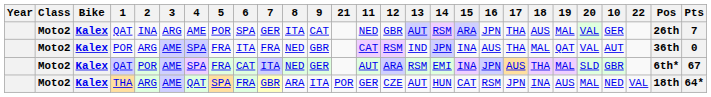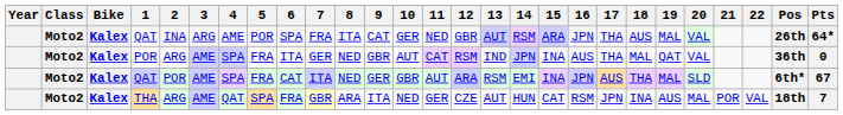 <table class="wikitable" style="text-align:center;">
 <tr>
 <th>Year</th>
 <th>Class</th>
 <th>Bike</th>
 <th>1</th>
 <th>2</th>
 <th>3</th>
 <th>4</th>
 <th>5</th>
 <th>6</th>
 <th>7</th>
 <th>8</th>
 <th>9</th>
-<th>21</th>
+<th>10</th>
 <th>11</th>
 <th>12</th>
 <th>13</th>
 <th>14</th>
 <th>15</th>
 <th>16</th>
 <th>17</th>
 <th>18</th>
 <th>19</th>
 <th>20</th>
-<th>10</th>
+<th>21</th>
 <th>22</th>
 <th>Pos</th>
 <th>Pts</th>
 </tr>
 <tr>
 <th></th>
 <th>Moto2</th>
 <th><a href='#'>Kalex</a></th>
 <td><a href='#'>QAT</a></td>
 <td><a href='#'>INA</a></td>
 <td><a href='#'>ARG</a></td>
 <td><a href='#'>AME</a></td>
 <td><a href='#'>POR</a></td>
 <td><a href='#'>SPA</a></td>
-<td><a href='#'>GER</a></td>
+<td><a href='#'>FRA</a></td>
 <td><a href='#'>ITA</a></td>
 <td><a href='#'>CAT</a></td>
-<td></td>
+<td><a href='#'>GER</a></td>
 <td><a href='#'>NED</a></td>
 <td><a href='#'>GBR</a></td>
 <td style="background:#CFCFFF;"><a href='#'>AUT</a><br></td>
 <td style="background:#EFCFFF;"><a href='#'>RSM</a><br></td>
 <td style="background:#CFCFFF;"><a href='#'>ARA</a><br></td>
 <td><a href='#'>JPN</a></td>
 <td><a href='#'>THA</a></td>
 <td><a href='#'>AUS</a></td>
 <td><a href='#'>MAL</a></td>
 <td style="background:#DFFFDF;"><a href='#'>VAL</a><br></td>
-<td><a href='#'>GER</a></td>
+<td></td>
 <td></td>
 <th>26th</th>
-<th>7</th>
+<th>64*</th>
 </tr>
 <tr>
 <th></th>
 <th>Moto2</th>
 <th><a href='#'>Kalex</a></th>
 <td><a href='#'>POR</a></td>
 <td><a href='#'>ARG</a></td>
 <td style="background:#CFCFFF;"><a href='#'>AME</a><br></td>
 <td style="background:#CFCFFF;"><a href='#'>SPA</a><br></td>
 <td><a href='#'>FRA</a></td>
 <td><a href='#'>ITA</a></td>
-<td><a href='#'>FRA</a></td>
+<td><a href='#'>GER</a></td>
 <td><a href='#'>NED</a></td>
 <td><a href='#'>GBR</a></td>
-<td></td>
+<td><a href='#'>AUT</a></td>
 <td style="background:#EFCFFF;"><a href='#'>CAT</a><br></td>
 <td style="background:#EFCFFF;"><a href='#'>RSM</a><br></td>
 <td><a href='#'>IND</a></td>
 <td style="background:#CFCFFF;"><a href='#'>JPN</a><br></td>
 <td><a href='#'>INA</a></td>
 <td><a href='#'>AUS</a></td>
 <td><a href='#'>THA</a></td>
 <td><a href='#'>MAL</a></td>
 <td><a href='#'>QAT</a></td>
 <td><a href='#'>VAL</a></td>
-<td><a href='#'>AUT</a></td>
+<td></td>
 <td></td>
 <th>36th</th>
 <th>0</th>
 </tr>
 <tr>
 <th></th>
 <th>Moto2</th>
 <th><a href='#'>Kalex</a></th>
 <td style="background:#CFCFFF;"><a href='#'>QAT</a><br></td>
 <td style="background:#DFFFDF;"><a href='#'>POR</a><br></td>
 <td style="background:#CFCFFF;"><a href='#'>AME</a><br></td>
 <td style="background:#EFCFFF;"><a href='#'>SPA</a><br></td>
 <td style="background:#DFFFDF;"><a href='#'>FRA</a><br></td>
 <td style="background:#DFFFDF;"><a href='#'>CAT</a><br></td>
 <td style="background:#CFCFFF;"><a href='#'>ITA</a><br></td>
 <td style="background:#DFFFDF;"><a href='#'>NED</a><br></td>
 <td style="background:#DFFFDF;"><a href='#'>GER</a><br></td>
-<td></td>
+<td style="background:#DFFFDF;"><a href='#'>GBR</a><br></td>
 <td style="background:#DFFFDF;"><a href='#'>AUT</a><br></td>
 <td style="background:#CFCFFF;"><a href='#'>ARA</a><br></td>
 <td style="background:#DFFFDF;"><a href='#'>RSM</a><br></td>
 <td style="background:#DFFFDF;"><a href='#'>EMI</a><br></td>
 <td style="background:#EFCFFF;"><a href='#'>INA</a><br></td>
 <td style="background:#CFCFFF;"><a href='#'>JPN</a><br></td>
 <td style="background:#FFDF9F;"><a href='#'>AUS</a><br></td>
 <td style="background:#EFCFFF;"><a href='#'>THA</a><br></td>
 <td style="background:#EFCFFF;"><a href='#'>MAL</a><br></td>
 <td style="background:#DFFFDF;"><a href='#'>SLD</a><br></td>
-<td style="background:#DFFFDF;"><a href='#'>GBR</a><br></td>
+<td></td>
 <td></td>
 <th>6th*</th>
 <th>67</th>
 </tr>
 <tr>
 <th></th>
 <th>Moto2</th>
 <th><a href='#'>Kalex</a></th>
 <td style="background:#FFDF9F;"><a href='#'>THA</a><br></td>
 <td style="background:#DFFFDF;"><a href='#'>ARG</a><br></td>
 <td style="background:#CFCFFF;"><a href='#'>AME</a><br></td>
 <td style="background:#DFFFDF;"><a href='#'>QAT</a><br></td>
 <td style="background:#FFDF9F;"><a href='#'>SPA</a><br></td>
 <td style="background:#DFFFDF;"><a href='#'>FRA</a><br></td>
 <td style="background:#FFFFBF;"><a href='#'>GBR</a><br></td>
 <td style="background:#;"><a href='#'>ARA</a><br></td>
 <td style="background:#;"><a href='#'>ITA</a><br></td>
-<td style="background:#;"><a href='#'>POR</a><br></td>
+<td style="background:#;"><a href='#'>NED</a><br></td>
 <td style="background:#;"><a href='#'>GER</a><br></td>
 <td style="background:#;"><a href='#'>CZE</a><br></td>
 <td style="background:#;"><a href='#'>AUT</a><br></td>
 <td style="background:#;"><a href='#'>HUN</a><br></td>
 <td style="background:#;"><a href='#'>CAT</a><br></td>
 <td style="background:#;"><a href='#'>RSM</a><br></td>
 <td style="background:#;"><a href='#'>JPN</a><br></td>
 <td style="background:#;"><a href='#'>INA</a><br></td>
 <td style="background:#;"><a href='#'>AUS</a><br></td>
 <td style="background:#;"><a href='#'>MAL</a><br></td>
-<td style="background:#;"><a href='#'>NED</a><br></td>
+<td style="background:#;"><a href='#'>POR</a><br></td>
 <td style="background:#;"><a href='#'>VAL</a><br></td>
 <th>18th</th>
-<th>64*</th>
+<th>7</th>
 </tr>
 </table>
